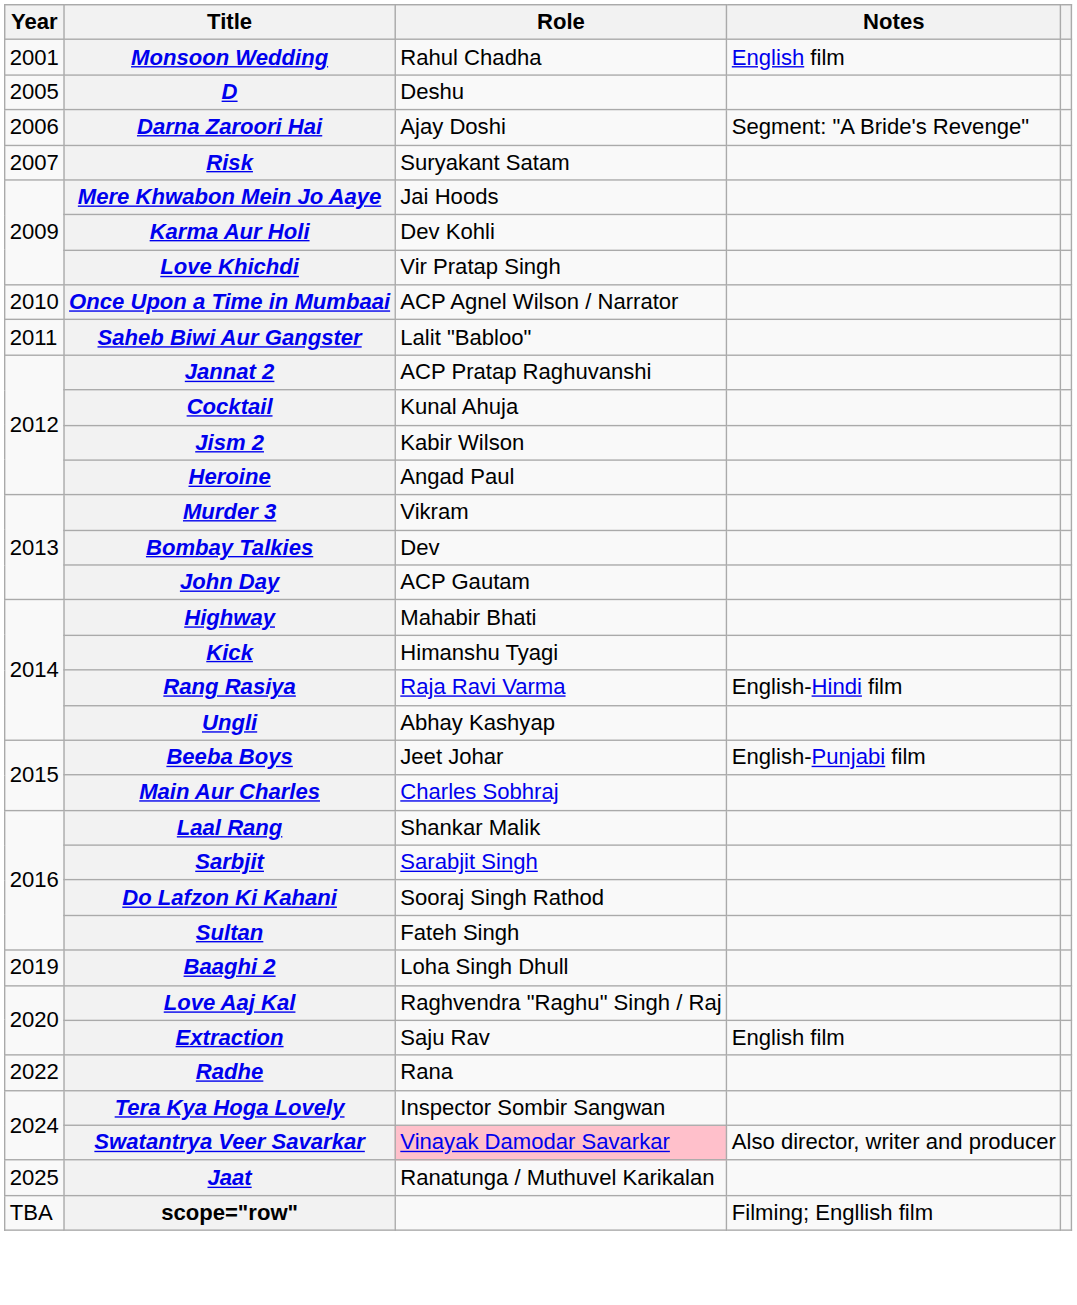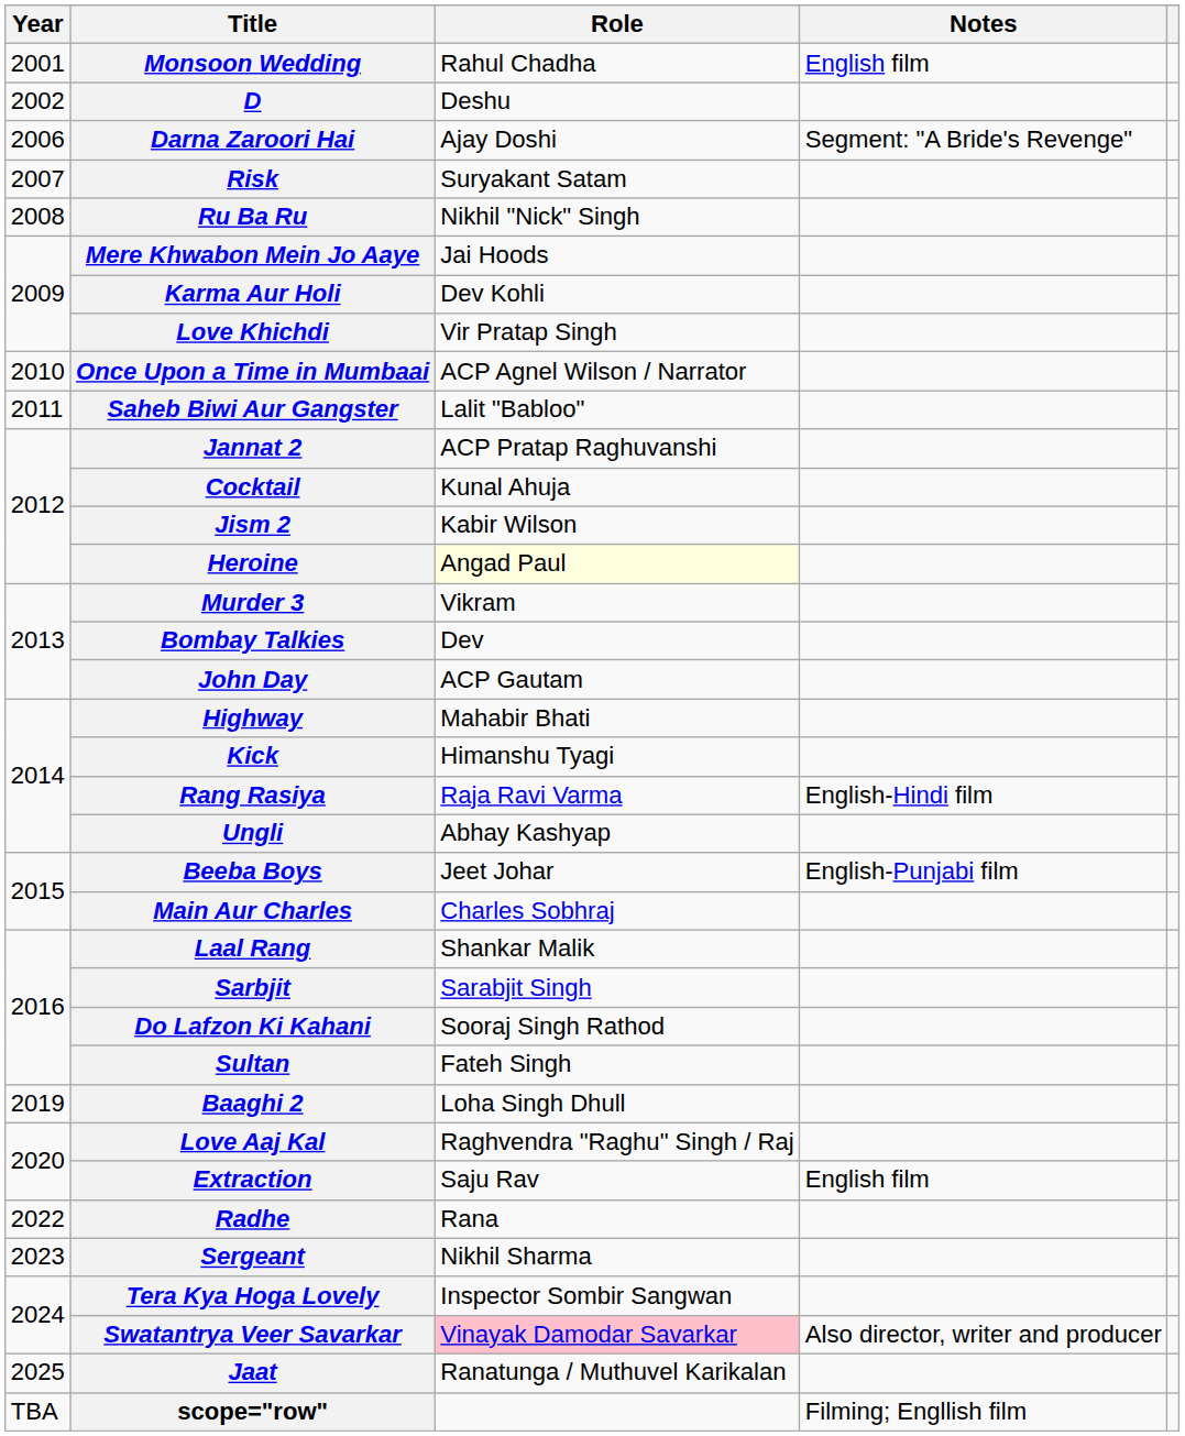 <table class="wikitable sortable plainrowheaders">
 <tr style="background:#ccc; text-align:center;">
 <th scope="col">Year</th>
 <th scope="col">Title</th>
 <th scope="col">Role</th>
 <th scope="col" class="unsortable">Notes</th>
 <th scope="col" class="unsortable"></th>
 </tr>
 <tr>
 <td>2001</td>
 <th scope="row"><em><a href='#'>Monsoon Wedding</a></em></th>
 <td>Rahul Chadha</td>
 <td><a href='#'>English</a> film</td>
 <td></td>
 </tr>
 <tr>
-<td>2005</td>
+<td>2002</td>
 <th scope="row"><em><a href='#'>D</a></em></th>
 <td>Deshu</td>
 <td></td>
 <td></td>
 </tr>
 <tr>
 <td>2006</td>
 <th scope="row"><em><a href='#'>Darna Zaroori Hai</a></em></th>
 <td>Ajay Doshi</td>
 <td>Segment: "A Bride's Revenge"</td>
 <td></td>
 </tr>
 <tr>
 <td>2007</td>
 <th scope="row"><em><a href='#'>Risk</a></em></th>
 <td>Suryakant Satam</td>
+<td></td>
+<td></td>
+</tr>
+<tr>
+<td>2008</td>
+<th scope="row"><em><a href='#'>Ru Ba Ru</a></em></th>
+<td>Nikhil "Nick" Singh</td>
 <td></td>
 <td></td>
 </tr>
 <tr>
 <td rowspan="3">2009</td>
 <th scope="row"><em><a href='#'>Mere Khwabon Mein Jo Aaye</a></em></th>
 <td>Jai Hoods</td>
 <td></td>
 <td></td>
 </tr>
 <tr>
 <th scope="row"><em><a href='#'>Karma Aur Holi</a></em></th>
 <td>Dev Kohli</td>
 <td></td>
 <td></td>
 </tr>
 <tr>
 <th scope="row"><em><a href='#'>Love Khichdi</a></em></th>
 <td>Vir Pratap Singh</td>
 <td></td>
 <td></td>
 </tr>
 <tr>
 <td>2010</td>
 <th scope="row"><em><a href='#'>Once Upon a Time in Mumbaai</a></em></th>
 <td>ACP Agnel Wilson / Narrator</td>
 <td></td>
 <td></td>
 </tr>
 <tr>
 <td>2011</td>
 <th scope="row"><em><a href='#'>Saheb Biwi Aur Gangster</a></em></th>
 <td>Lalit "Babloo"</td>
 <td></td>
 <td></td>
 </tr>
 <tr>
 <td rowspan="4">2012</td>
 <th scope="row"><em><a href='#'>Jannat 2</a></em></th>
 <td>ACP Pratap Raghuvanshi</td>
 <td></td>
 <td></td>
 </tr>
 <tr>
 <th scope="row"><em><a href='#'>Cocktail</a></em></th>
 <td>Kunal Ahuja</td>
 <td></td>
 <td></td>
 </tr>
 <tr>
 <th scope="row"><em><a href='#'>Jism 2</a></em></th>
 <td>Kabir Wilson</td>
 <td></td>
 <td></td>
 </tr>
 <tr>
 <th scope="row"><em><a href='#'>Heroine</a></em></th>
-<td>Angad Paul</td>
+<td style="background: lightyellow;">Angad Paul</td>
 <td></td>
 <td></td>
 </tr>
 <tr>
 <td rowspan="3">2013</td>
 <th scope="row"><em><a href='#'>Murder 3</a></em></th>
 <td>Vikram</td>
 <td></td>
 <td></td>
 </tr>
 <tr>
 <th scope="row"><em><a href='#'>Bombay Talkies</a></em></th>
 <td>Dev</td>
 <td></td>
 <td></td>
 </tr>
 <tr>
 <th scope="row"><em><a href='#'>John Day</a></em></th>
 <td>ACP Gautam</td>
 <td></td>
 <td></td>
 </tr>
 <tr>
 <td rowspan="4">2014</td>
 <th scope="row"><em><a href='#'>Highway</a></em></th>
 <td>Mahabir Bhati</td>
 <td></td>
 <td></td>
 </tr>
 <tr>
 <th scope="row"><em><a href='#'>Kick</a></em></th>
 <td>Himanshu Tyagi</td>
 <td></td>
 <td></td>
 </tr>
 <tr>
 <th scope="row"><em><a href='#'>Rang Rasiya</a></em></th>
 <td><a href='#'>Raja Ravi Varma</a></td>
 <td>English-<a href='#'>Hindi</a> film</td>
 <td></td>
 </tr>
 <tr>
 <th scope="row"><em><a href='#'>Ungli</a></em></th>
 <td>Abhay Kashyap</td>
 <td></td>
 <td></td>
 </tr>
 <tr>
 <td rowspan="2">2015</td>
 <th scope="row"><em><a href='#'>Beeba Boys</a></em></th>
 <td>Jeet Johar</td>
 <td>English-<a href='#'>Punjabi</a> film</td>
 <td></td>
 </tr>
 <tr>
 <th scope="row"><em><a href='#'>Main Aur Charles</a></em></th>
 <td><a href='#'>Charles Sobhraj</a></td>
 <td></td>
 <td></td>
 </tr>
 <tr>
 <td rowspan="4">2016</td>
 <th scope="row"><em><a href='#'>Laal Rang</a></em></th>
 <td>Shankar Malik</td>
 <td></td>
 <td></td>
 </tr>
 <tr>
 <th scope="row"><em><a href='#'>Sarbjit</a></em></th>
 <td><a href='#'>Sarabjit Singh</a></td>
 <td></td>
 <td></td>
 </tr>
 <tr>
 <th scope="row"><em><a href='#'>Do Lafzon Ki Kahani</a></em></th>
 <td>Sooraj Singh Rathod</td>
 <td></td>
 <td></td>
 </tr>
 <tr>
 <th scope="row"><em><a href='#'>Sultan</a></em></th>
 <td>Fateh Singh</td>
 <td></td>
 <td></td>
 </tr>
 <tr>
 <td>2019</td>
 <th scope="row"><em><a href='#'>Baaghi 2</a></em></th>
 <td>Loha Singh Dhull</td>
 <td></td>
 <td></td>
 </tr>
 <tr>
 <td rowspan="2">2020</td>
 <th scope="row"><em><a href='#'>Love Aaj Kal</a></em></th>
 <td>Raghvendra "Raghu" Singh / Raj</td>
 <td></td>
 <td></td>
 </tr>
 <tr>
 <th scope="row"><em><a href='#'>Extraction</a></em></th>
 <td>Saju Rav</td>
 <td>English film</td>
 <td></td>
 </tr>
 <tr>
 <td>2022</td>
 <th scope="row"><em><a href='#'>Radhe</a></em></th>
 <td>Rana</td>
 <td></td>
 <td></td>
 </tr>
 <tr>
+<td>2023</td>
+<th scope="row"><em><a href='#'>Sergeant</a></em></th>
+<td>Nikhil Sharma</td>
+<td></td>
+<td></td>
+</tr>
+<tr>
 <td rowspan="2">2024</td>
 <th scope="row"><em><a href='#'>Tera Kya Hoga Lovely</a></em></th>
 <td>Inspector Sombir Sangwan</td>
 <td></td>
 <td></td>
 </tr>
 <tr>
 <th scope="row"><em><a href='#'>Swatantrya Veer Savarkar</a></em></th>
 <td style="background: pink;"><a href='#'>Vinayak Damodar Savarkar</a></td>
 <td>Also director, writer and producer</td>
 <td></td>
 </tr>
 <tr>
 <td>2025</td>
 <th scope="row"><em><a href='#'>Jaat</a></em></th>
 <td>Ranatunga / Muthuvel Karikalan</td>
 <td></td>
 <td></td>
 </tr>
 <tr>
 <td>TBA</td>
 <th>scope="row" </th>
 <td></td>
 <td>Filming; Engllish film</td>
 <td></td>
 </tr>
 </table>
